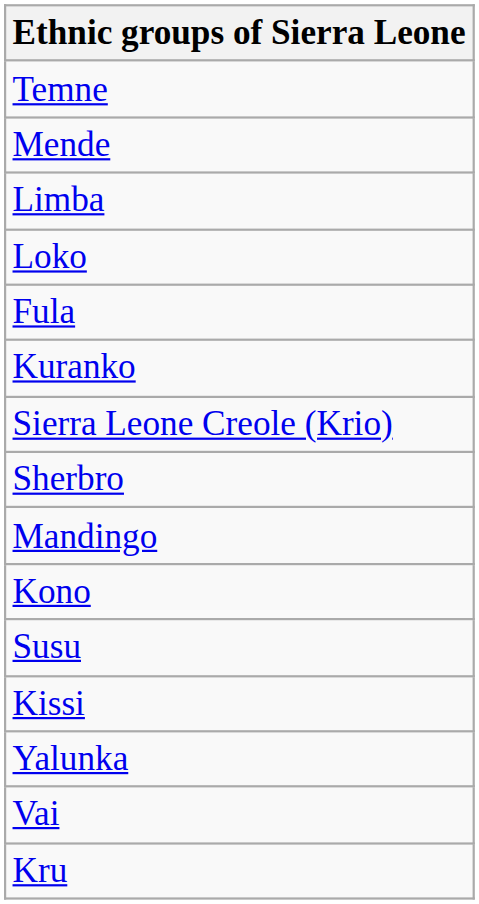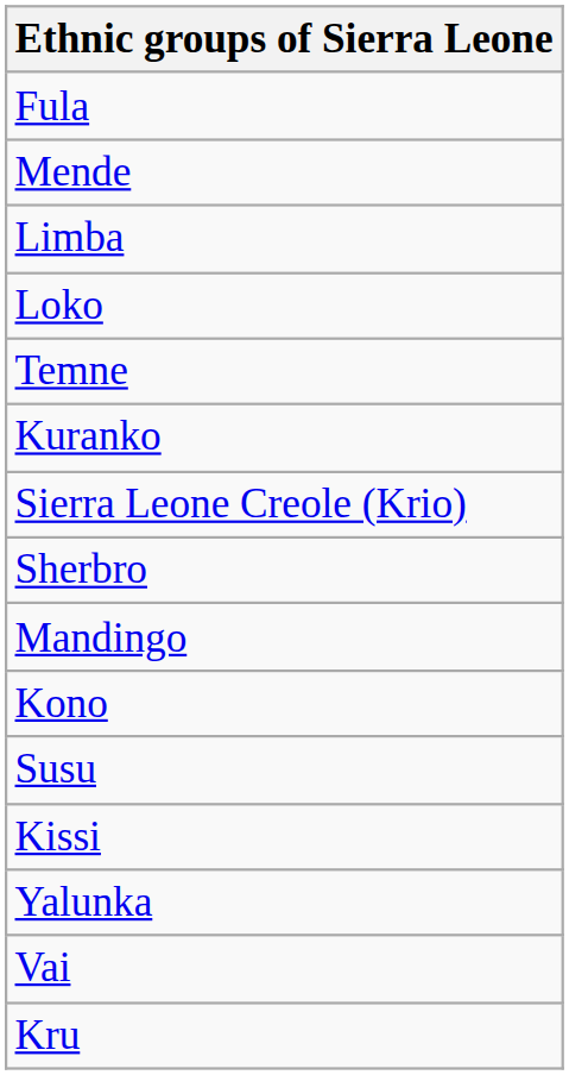 <table class="wikitable infobox" style="margin-right:0; margin-left:1em;">
 <tr>
 <th>Ethnic groups of Sierra Leone</th>
 </tr>
 <tr>
-<td><a href='#'>Temne</a></td>
+<td><a href='#'>Fula</a></td>
 </tr>
 <tr>
 <td><a href='#'>Mende</a></td>
 </tr>
 <tr>
 <td><a href='#'>Limba</a></td>
 </tr>
 <tr>
 <td><a href='#'>Loko</a></td>
 </tr>
 <tr>
-<td><a href='#'>Fula</a></td>
+<td><a href='#'>Temne</a></td>
 </tr>
 <tr>
 <td><a href='#'>Kuranko</a></td>
 </tr>
 <tr>
 <td><a href='#'>Sierra Leone Creole (Krio)</a></td>
 </tr>
 <tr>
 <td><a href='#'>Sherbro</a></td>
 </tr>
 <tr>
 <td><a href='#'>Mandingo</a></td>
 </tr>
 <tr>
 <td><a href='#'>Kono</a></td>
 </tr>
 <tr>
 <td><a href='#'>Susu</a></td>
 </tr>
 <tr>
 <td><a href='#'>Kissi</a></td>
 </tr>
 <tr>
 <td><a href='#'>Yalunka</a></td>
 </tr>
 <tr>
 <td><a href='#'>Vai</a></td>
 </tr>
 <tr>
 <td><a href='#'>Kru</a></td>
 </tr>
 </table>
